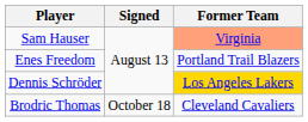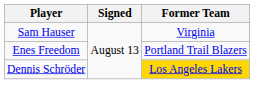 <table class="wikitable sortable sortable" style="text-align: center">
 <tr>
 <th>Player</th>
 <th>Signed</th>
 <th>Former Team</th>
 </tr>
 <tr>
 <td><a href='#'>Sam Hauser</a></td>
 <td rowspan=3>August 13</td>
-<td style="background: lightsalmon;"><a href='#'>Virginia</a></td>
+<td><a href='#'>Virginia</a></td>
 </tr>
 <tr>
 <td><a href='#'>Enes Freedom</a></td>
 <td><a href='#'>Portland Trail Blazers</a></td>
 </tr>
 <tr>
 <td><a href='#'>Dennis Schröder</a></td>
 <td style="background: gold;"><a href='#'>Los Angeles Lakers</a></td>
 </tr>
-<tr>
-<td><a href='#'>Brodric Thomas</a></td>
-<td>October 18</td>
-<td><a href='#'>Cleveland Cavaliers</a></td>
-</tr>
 </table>
